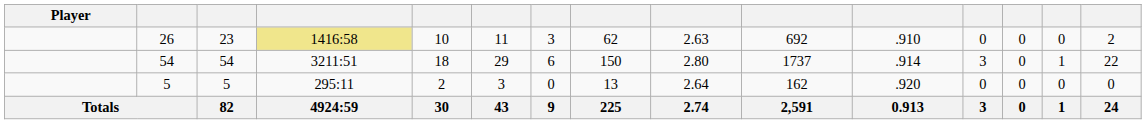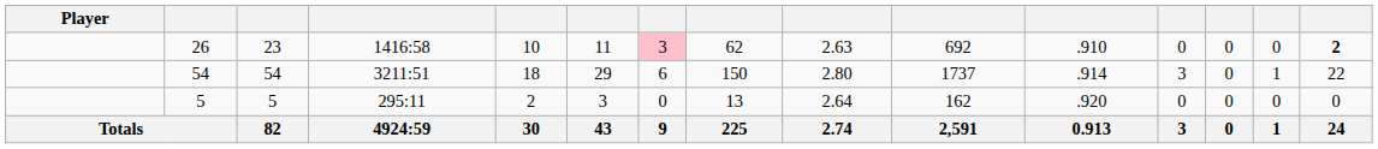 <table class="wikitable sortable" style="width:100%; text-align:center;">
 <tr>
 <th>Player</th>
 <th></th>
 <th></th>
 <th></th>
 <th></th>
 <th></th>
 <th></th>
 <th></th>
 <th></th>
 <th></th>
 <th></th>
 <th></th>
 <th></th>
 <th></th>
 <th></th>
 </tr>
 <tr>
 <td style=white-space:nowrap></td>
 <td>26</td>
 <td>23</td>
-<td style="background: khaki;">1416:58</td>
+<td>1416:58</td>
 <td>10</td>
 <td>11</td>
-<td>3</td>
+<td style="background: pink;">3</td>
 <td>62</td>
 <td>2.63</td>
 <td>692</td>
 <td>.910</td>
 <td>0</td>
 <td>0</td>
 <td>0</td>
-<td>2</td>
+<td><strong>2</strong></td>
 </tr>
 <tr>
 <td style=white-space:nowrap></td>
 <td>54</td>
 <td>54</td>
 <td>3211:51</td>
 <td>18</td>
 <td>29</td>
 <td>6</td>
 <td>150</td>
 <td>2.80</td>
 <td>1737</td>
 <td>.914</td>
 <td>3</td>
 <td>0</td>
 <td>1</td>
 <td>22</td>
 </tr>
 <tr>
 <td style=white-space:nowrap></td>
 <td>5</td>
 <td>5</td>
 <td>295:11</td>
 <td>2</td>
 <td>3</td>
 <td>0</td>
 <td>13</td>
 <td>2.64</td>
 <td>162</td>
 <td>.920</td>
 <td>0</td>
 <td>0</td>
 <td>0</td>
 <td>0</td>
 </tr>
 <tr class="unsortable">
 <th colspan=2>Totals</th>
 <th>82</th>
 <th>4924:59</th>
 <th>30</th>
 <th>43</th>
 <th>9</th>
 <th>225</th>
 <th>2.74</th>
 <th>2,591</th>
 <th>0.913</th>
 <th>3</th>
 <th>0</th>
 <th>1</th>
 <th>24</th>
 </tr>
 </table>
